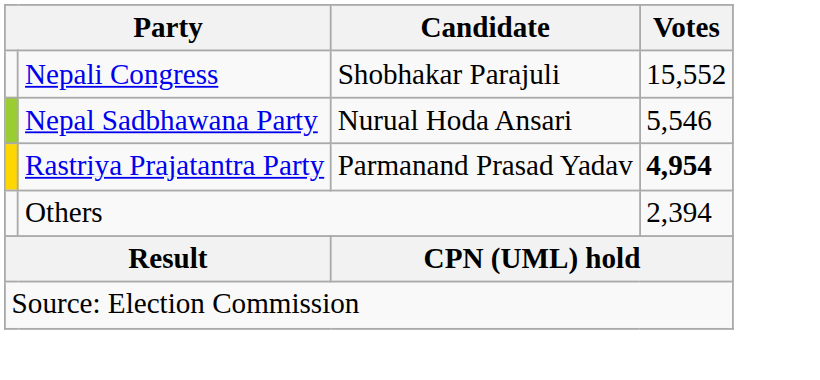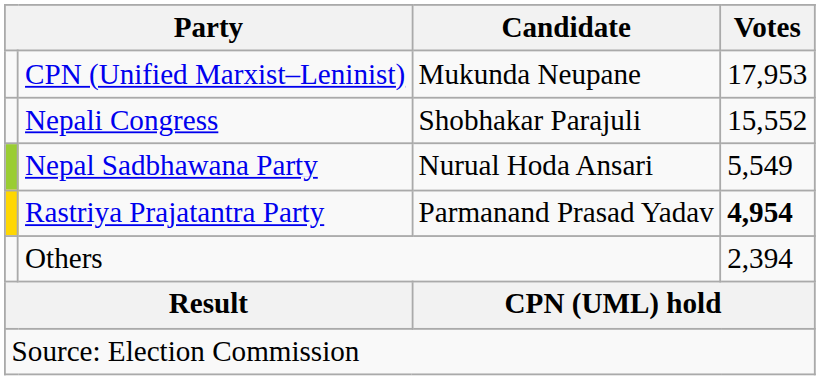 <table class="wikitable">
 <tr>
 <th colspan="2">Party</th>
 <th>Candidate</th>
 <th>Votes</th>
+</tr>
+<tr>
+<td style="background-color:"></td>
+<td><a href='#'>CPN (Unified Marxist–Leninist)</a></td>
+<td>Mukunda Neupane</td>
+<td>17,953</td>
 </tr>
 <tr>
 <td style="background-color:"></td>
 <td><a href='#'>Nepali Congress</a></td>
 <td>Shobhakar Parajuli</td>
 <td>15,552</td>
 </tr>
 <tr>
 <td style="background-color:yellowgreen"></td>
 <td><a href='#'>Nepal Sadbhawana Party</a></td>
 <td>Nurual Hoda Ansari</td>
-<td>5,546</td>
+<td>5,549</td>
 </tr>
 <tr>
 <td style="background-color:gold"></td>
 <td><a href='#'>Rastriya Prajatantra Party</a></td>
 <td>Parmanand Prasad Yadav</td>
 <td><strong>4,954</strong></td>
 </tr>
 <tr>
 <td></td>
 <td colspan="2">Others</td>
 <td>2,394</td>
 </tr>
 <tr>
 <th colspan="2">Result</th>
 <th colspan="2">CPN (UML) hold</th>
 </tr>
 <tr>
 <td colspan="4">Source: Election Commission</td>
 </tr>
 </table>
